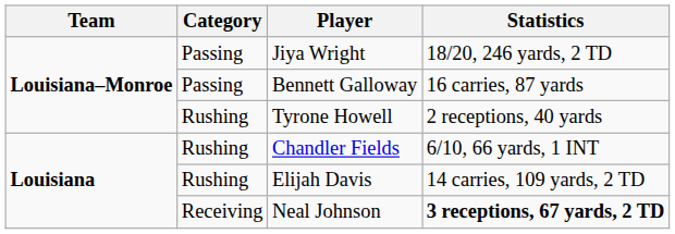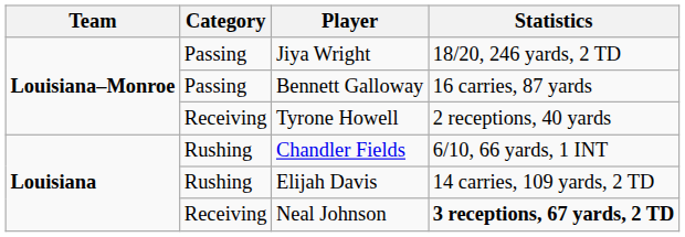 <table class="wikitable" style="float: right;">
 <tr>
 <th>Team</th>
 <th>Category</th>
 <th>Player</th>
 <th>Statistics</th>
 </tr>
 <tr>
 <td rowspan=3><strong>Louisiana–Monroe</strong></td>
 <td>Passing</td>
 <td>Jiya Wright</td>
 <td>18/20, 246 yards, 2 TD</td>
 </tr>
 <tr>
 <td>Passing</td>
 <td>Bennett Galloway</td>
 <td>16 carries, 87 yards</td>
 </tr>
 <tr>
-<td>Rushing</td>
+<td>Receiving</td>
 <td>Tyrone Howell</td>
 <td>2 receptions, 40 yards</td>
 </tr>
 <tr>
 <td rowspan=3><strong>Louisiana</strong></td>
 <td>Rushing</td>
 <td><a href='#'>Chandler Fields</a></td>
 <td>6/10, 66 yards, 1 INT</td>
 </tr>
 <tr>
 <td>Rushing</td>
 <td>Elijah Davis</td>
 <td>14 carries, 109 yards, 2 TD</td>
 </tr>
 <tr>
 <td>Receiving</td>
 <td>Neal Johnson</td>
 <td><strong>3 receptions, 67 yards, 2 TD</strong></td>
 </tr>
 </table>
